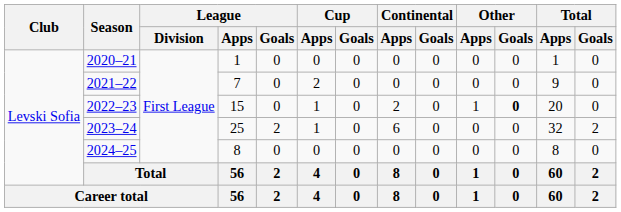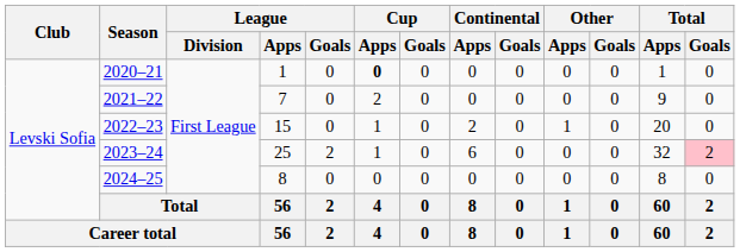 <table class="wikitable" style="text-align:center">
 <tr>
 <th rowspan="2">Club</th>
 <th rowspan="2">Season</th>
 <th colspan="3">League</th>
 <th colspan="2">Cup</th>
 <th colspan="2">Continental</th>
 <th colspan="2">Other</th>
 <th colspan="2">Total</th>
 </tr>
 <tr>
 <th>Division</th>
 <th>Apps</th>
 <th>Goals</th>
 <th>Apps</th>
 <th>Goals</th>
 <th>Apps</th>
 <th>Goals</th>
 <th>Apps</th>
 <th>Goals</th>
 <th>Apps</th>
 <th>Goals</th>
 </tr>
 <tr>
 <td rowspan="6"><a href='#'>Levski Sofia</a></td>
 <td><a href='#'>2020–21</a></td>
 <td rowspan="5"><a href='#'>First League</a></td>
 <td>1</td>
 <td>0</td>
-<td>0</td>
+<td><strong>0</strong></td>
 <td>0</td>
 <td>0</td>
 <td>0</td>
 <td>0</td>
 <td>0</td>
 <td>1</td>
 <td>0</td>
 </tr>
 <tr>
 <td><a href='#'>2021–22</a></td>
 <td>7</td>
 <td>0</td>
 <td>2</td>
 <td>0</td>
 <td>0</td>
 <td>0</td>
 <td>0</td>
 <td>0</td>
 <td>9</td>
 <td>0</td>
 </tr>
 <tr>
 <td><a href='#'>2022–23</a></td>
 <td>15</td>
 <td>0</td>
 <td>1</td>
 <td>0</td>
 <td>2</td>
 <td>0</td>
 <td>1</td>
-<td><strong>0</strong></td>
+<td>0</td>
 <td>20</td>
 <td>0</td>
 </tr>
 <tr>
 <td><a href='#'>2023–24</a></td>
 <td>25</td>
 <td>2</td>
 <td>1</td>
 <td>0</td>
 <td>6</td>
 <td>0</td>
 <td>0</td>
 <td>0</td>
 <td>32</td>
-<td>2</td>
+<td style="background: pink;">2</td>
 </tr>
 <tr>
 <td><a href='#'>2024–25</a></td>
 <td>8</td>
 <td>0</td>
 <td>0</td>
 <td>0</td>
 <td>0</td>
 <td>0</td>
 <td>0</td>
 <td>0</td>
 <td>8</td>
 <td>0</td>
 </tr>
 <tr>
 <th colspan="2">Total</th>
 <th>56</th>
 <th>2</th>
 <th>4</th>
 <th>0</th>
 <th>8</th>
 <th>0</th>
 <th>1</th>
 <th>0</th>
 <th>60</th>
 <th>2</th>
 </tr>
 <tr>
 <th colspan="3">Career total</th>
 <th>56</th>
 <th>2</th>
 <th>4</th>
 <th>0</th>
 <th>8</th>
 <th>0</th>
 <th>1</th>
 <th>0</th>
 <th>60</th>
 <th>2</th>
 </tr>
 </table>
